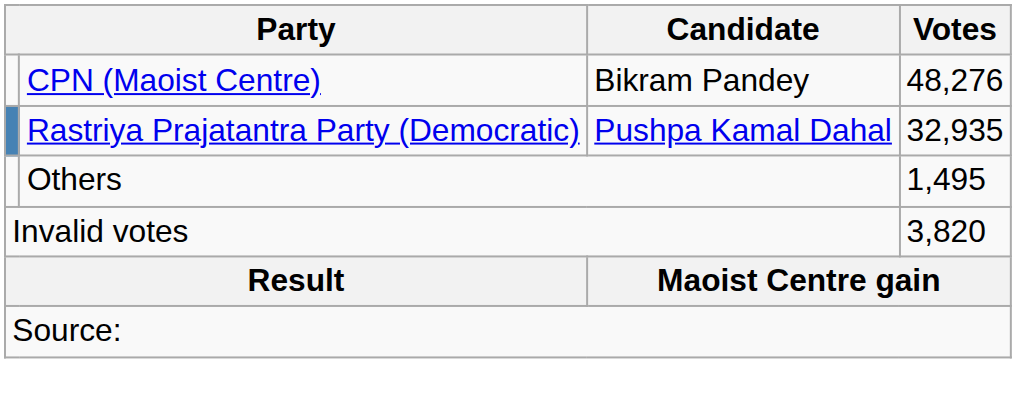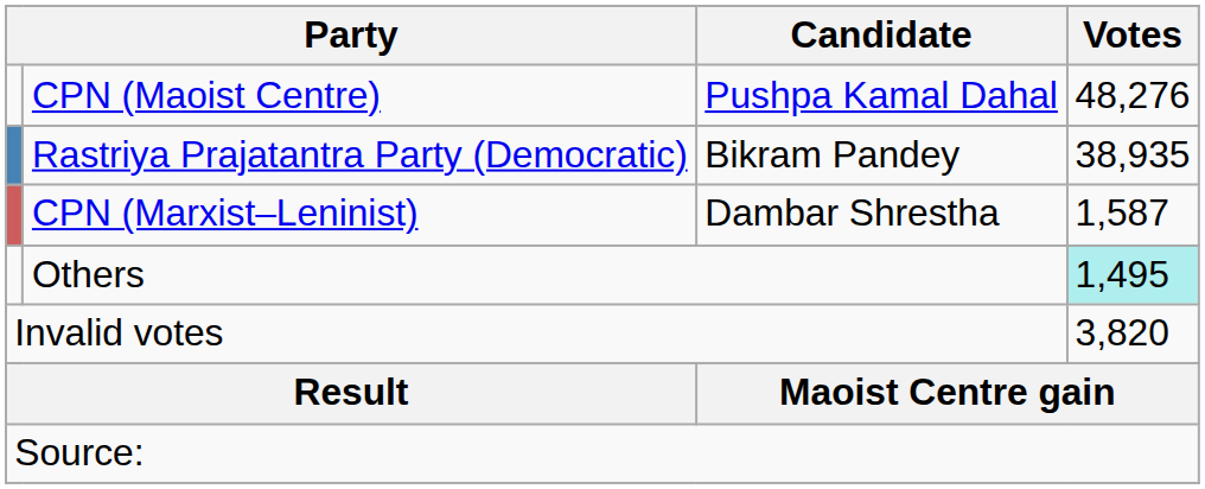 <table class="wikitable">
 <tr>
 <th colspan="2">Party</th>
 <th>Candidate</th>
 <th>Votes</th>
 </tr>
 <tr>
 <td style="background-color:"></td>
 <td><a href='#'>CPN (Maoist Centre)</a></td>
-<td>Bikram Pandey</td>
+<td><a href='#'>Pushpa Kamal Dahal</a></td>
 <td>48,276</td>
 </tr>
 <tr>
 <td style="background-color:steelblue"></td>
 <td><a href='#'>Rastriya Prajatantra Party (Democratic)</a></td>
-<td><a href='#'>Pushpa Kamal Dahal</a></td>
-<td>32,935</td>
+<td>Bikram Pandey</td>
+<td>38,935</td>
+</tr>
+<tr>
+<td style="background-color:indianred"></td>
+<td><a href='#'>CPN (Marxist–Leninist)</a></td>
+<td>Dambar Shrestha</td>
+<td>1,587</td>
 </tr>
 <tr>
 <td></td>
 <td colspan="2">Others</td>
-<td>1,495</td>
+<td style="background: paleturquoise;">1,495</td>
 </tr>
 <tr>
 <td colspan="3">Invalid votes</td>
 <td>3,820</td>
 </tr>
 <tr>
 <th colspan="2">Result</th>
 <th colspan="2">Maoist Centre gain</th>
 </tr>
 <tr>
 <td colspan="4">Source: </td>
 </tr>
 </table>
